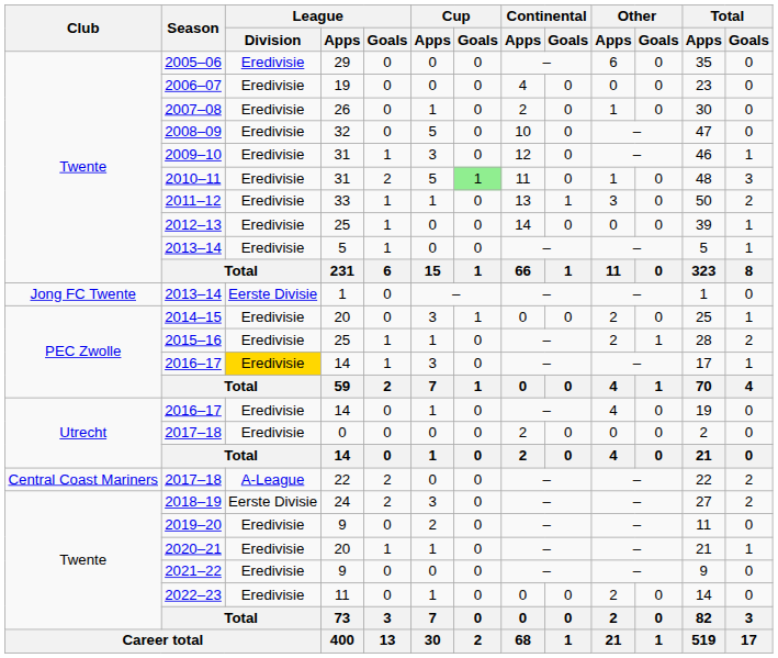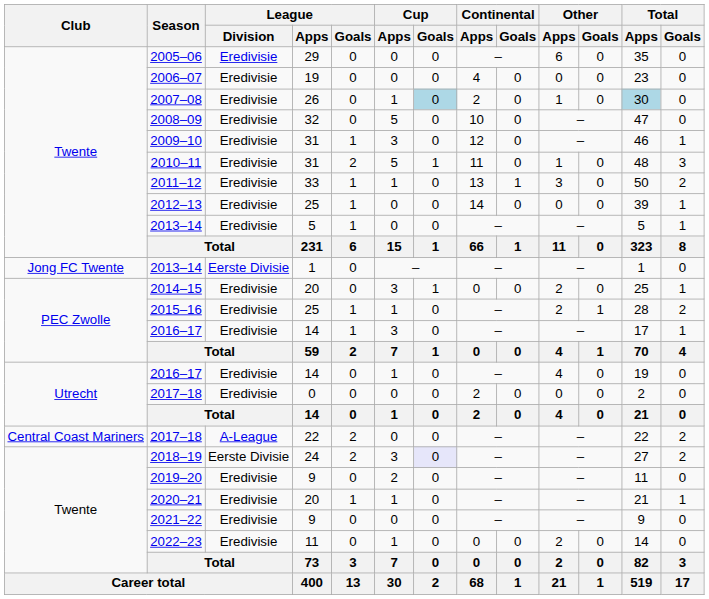 <table class="wikitable" style="text-align:center">
 <tr>
 <th rowspan="2">Club</th>
 <th rowspan="2">Season</th>
 <th colspan="3">League</th>
 <th colspan="2">Cup</th>
 <th colspan="2">Continental</th>
 <th colspan="2">Other</th>
 <th colspan="2">Total</th>
 </tr>
 <tr>
 <th>Division</th>
 <th>Apps</th>
 <th>Goals</th>
 <th>Apps</th>
 <th>Goals</th>
 <th>Apps</th>
 <th>Goals</th>
 <th>Apps</th>
 <th>Goals</th>
 <th>Apps</th>
 <th>Goals</th>
 </tr>
 <tr>
 <td rowspan="10"><a href='#'>Twente</a></td>
 <td><a href='#'>2005–06</a></td>
 <td><a href='#'>Eredivisie</a></td>
 <td>29</td>
 <td>0</td>
 <td>0</td>
 <td>0</td>
 <td colspan="2">–</td>
 <td>6</td>
 <td>0</td>
 <td>35</td>
 <td>0</td>
 </tr>
 <tr>
 <td><a href='#'>2006–07</a></td>
 <td>Eredivisie</td>
 <td>19</td>
 <td>0</td>
 <td>0</td>
 <td>0</td>
 <td>4</td>
 <td>0</td>
 <td>0</td>
 <td>0</td>
 <td>23</td>
 <td>0</td>
 </tr>
 <tr>
 <td><a href='#'>2007–08</a></td>
 <td>Eredivisie</td>
 <td>26</td>
 <td>0</td>
 <td>1</td>
-<td>0</td>
+<td style="background: lightblue;">0</td>
 <td>2</td>
 <td>0</td>
 <td>1</td>
 <td>0</td>
-<td>30</td>
+<td style="background: lightblue;">30</td>
 <td>0</td>
 </tr>
 <tr>
 <td><a href='#'>2008–09</a></td>
 <td>Eredivisie</td>
 <td>32</td>
 <td>0</td>
 <td>5</td>
 <td>0</td>
 <td>10</td>
 <td>0</td>
 <td colspan="2">–</td>
 <td>47</td>
 <td>0</td>
 </tr>
 <tr>
 <td><a href='#'>2009–10</a></td>
 <td>Eredivisie</td>
 <td>31</td>
 <td>1</td>
 <td>3</td>
 <td>0</td>
 <td>12</td>
 <td>0</td>
 <td colspan="2">–</td>
 <td>46</td>
 <td>1</td>
 </tr>
 <tr>
 <td><a href='#'>2010–11</a></td>
 <td>Eredivisie</td>
 <td>31</td>
 <td>2</td>
 <td>5</td>
-<td style="background: lightgreen;">1</td>
+<td>1</td>
 <td>11</td>
 <td>0</td>
 <td>1</td>
 <td>0</td>
 <td>48</td>
 <td>3</td>
 </tr>
 <tr>
 <td><a href='#'>2011–12</a></td>
 <td>Eredivisie</td>
 <td>33</td>
 <td>1</td>
 <td>1</td>
 <td>0</td>
 <td>13</td>
 <td>1</td>
 <td>3</td>
 <td>0</td>
 <td>50</td>
 <td>2</td>
 </tr>
 <tr>
 <td><a href='#'>2012–13</a></td>
 <td>Eredivisie</td>
 <td>25</td>
 <td>1</td>
 <td>0</td>
 <td>0</td>
 <td>14</td>
 <td>0</td>
 <td>0</td>
 <td>0</td>
 <td>39</td>
 <td>1</td>
 </tr>
 <tr>
 <td><a href='#'>2013–14</a></td>
 <td>Eredivisie</td>
 <td>5</td>
 <td>1</td>
 <td>0</td>
 <td>0</td>
 <td colspan="2">–</td>
 <td colspan="2">–</td>
 <td>5</td>
 <td>1</td>
 </tr>
 <tr>
 <th colspan="2">Total</th>
 <th>231</th>
 <th>6</th>
 <th>15</th>
 <th>1</th>
 <th>66</th>
 <th>1</th>
 <th>11</th>
 <th>0</th>
 <th>323</th>
 <th>8</th>
 </tr>
 <tr>
 <td><a href='#'>Jong FC Twente</a></td>
 <td><a href='#'>2013–14</a></td>
 <td><a href='#'>Eerste Divisie</a></td>
 <td>1</td>
 <td>0</td>
 <td colspan="2">–</td>
 <td colspan="2">–</td>
 <td colspan="2">–</td>
 <td>1</td>
 <td>0</td>
 </tr>
 <tr>
 <td rowspan="4"><a href='#'>PEC Zwolle</a></td>
 <td><a href='#'>2014–15</a></td>
 <td>Eredivisie</td>
 <td>20</td>
 <td>0</td>
 <td>3</td>
 <td>1</td>
 <td>0</td>
 <td>0</td>
 <td>2</td>
 <td>0</td>
 <td>25</td>
 <td>1</td>
 </tr>
 <tr>
 <td><a href='#'>2015–16</a></td>
 <td>Eredivisie</td>
 <td>25</td>
 <td>1</td>
 <td>1</td>
 <td>0</td>
 <td colspan="2">–</td>
 <td>2</td>
 <td>1</td>
 <td>28</td>
 <td>2</td>
 </tr>
 <tr>
 <td><a href='#'>2016–17</a></td>
-<td style="background: gold;">Eredivisie</td>
+<td>Eredivisie</td>
 <td>14</td>
 <td>1</td>
 <td>3</td>
 <td>0</td>
 <td colspan="2">–</td>
 <td colspan="2">–</td>
 <td>17</td>
 <td>1</td>
 </tr>
 <tr>
 <th colspan="2">Total</th>
 <th>59</th>
 <th>2</th>
 <th>7</th>
 <th>1</th>
 <th>0</th>
 <th>0</th>
 <th>4</th>
 <th>1</th>
 <th>70</th>
 <th>4</th>
 </tr>
 <tr>
 <td rowspan="3"><a href='#'>Utrecht</a></td>
 <td><a href='#'>2016–17</a></td>
 <td>Eredivisie</td>
 <td>14</td>
 <td>0</td>
 <td>1</td>
 <td>0</td>
 <td colspan="2">–</td>
 <td>4</td>
 <td>0</td>
 <td>19</td>
 <td>0</td>
 </tr>
 <tr>
 <td><a href='#'>2017–18</a></td>
 <td>Eredivisie</td>
 <td>0</td>
 <td>0</td>
 <td>0</td>
 <td>0</td>
 <td>2</td>
 <td>0</td>
 <td>0</td>
 <td>0</td>
 <td>2</td>
 <td>0</td>
 </tr>
 <tr>
 <th colspan="2">Total</th>
 <th>14</th>
 <th>0</th>
 <th>1</th>
 <th>0</th>
 <th>2</th>
 <th>0</th>
 <th>4</th>
 <th>0</th>
 <th>21</th>
 <th>0</th>
 </tr>
 <tr>
 <td><a href='#'>Central Coast Mariners</a></td>
 <td><a href='#'>2017–18</a></td>
 <td><a href='#'>A-League</a></td>
 <td>22</td>
 <td>2</td>
 <td>0</td>
 <td>0</td>
 <td colspan="2">–</td>
 <td colspan="2">–</td>
 <td>22</td>
 <td>2</td>
 </tr>
 <tr>
 <td rowspan="6">Twente</td>
 <td><a href='#'>2018–19</a></td>
 <td>Eerste Divisie</td>
 <td>24</td>
 <td>2</td>
 <td>3</td>
-<td>0</td>
+<td style="background: lavender;">0</td>
 <td colspan="2">–</td>
 <td colspan="2">–</td>
 <td>27</td>
 <td>2</td>
 </tr>
 <tr>
 <td><a href='#'>2019–20</a></td>
 <td>Eredivisie</td>
 <td>9</td>
 <td>0</td>
 <td>2</td>
 <td>0</td>
 <td colspan="2">–</td>
 <td colspan="2">–</td>
 <td>11</td>
 <td>0</td>
 </tr>
 <tr>
 <td><a href='#'>2020–21</a></td>
 <td>Eredivisie</td>
 <td>20</td>
 <td>1</td>
 <td>1</td>
 <td>0</td>
 <td colspan="2">–</td>
 <td colspan="2">–</td>
 <td>21</td>
 <td>1</td>
 </tr>
 <tr>
 <td><a href='#'>2021–22</a></td>
 <td>Eredivisie</td>
 <td>9</td>
 <td>0</td>
 <td>0</td>
 <td>0</td>
 <td colspan="2">–</td>
 <td colspan="2">–</td>
 <td>9</td>
 <td>0</td>
 </tr>
 <tr>
 <td><a href='#'>2022–23</a></td>
 <td>Eredivisie</td>
 <td>11</td>
 <td>0</td>
 <td>1</td>
 <td>0</td>
 <td>0</td>
 <td>0</td>
 <td>2</td>
 <td>0</td>
 <td>14</td>
 <td>0</td>
 </tr>
 <tr>
 <th colspan="2">Total</th>
 <th>73</th>
 <th>3</th>
 <th>7</th>
 <th>0</th>
 <th>0</th>
 <th>0</th>
 <th>2</th>
 <th>0</th>
 <th>82</th>
 <th>3</th>
 </tr>
 <tr>
 <th colspan="3">Career total</th>
 <th>400</th>
 <th>13</th>
 <th>30</th>
 <th>2</th>
 <th>68</th>
 <th>1</th>
 <th>21</th>
 <th>1</th>
 <th>519</th>
 <th>17</th>
 </tr>
 </table>
